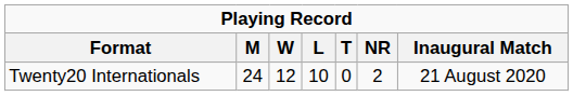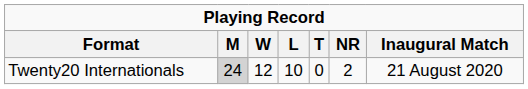 <table class="wikitable" style="text-align: center; width: 500px;">
 <tr>
 <td colspan=7 align="center"><strong>Playing Record</strong></td>
 </tr>
 <tr>
 <th>Format</th>
 <th>M</th>
 <th>W</th>
 <th>L</th>
 <th>T</th>
 <th>NR</th>
 <th>Inaugural Match</th>
 </tr>
 <tr>
 <td align="left">Twenty20 Internationals</td>
-<td>24</td>
+<td style="background: lightgrey;">24</td>
 <td>12</td>
 <td>10</td>
 <td>0</td>
 <td>2</td>
 <td>21 August 2020</td>
 </tr>
 </table>
